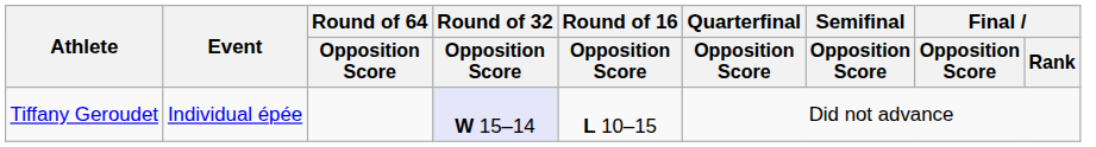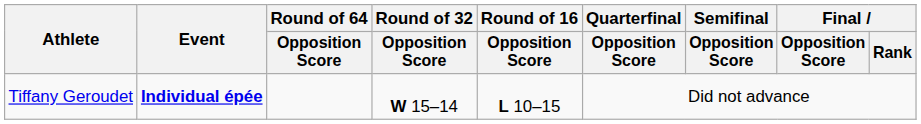 <table class="wikitable" style="font-size:90%">
 <tr>
 <th rowspan="2">Athlete</th>
 <th rowspan="2">Event</th>
 <th>Round of 64</th>
 <th>Round of 32</th>
 <th>Round of 16</th>
 <th>Quarterfinal</th>
 <th>Semifinal</th>
 <th colspan=2>Final / </th>
 </tr>
 <tr style="font-size:95%">
 <th>Opposition <br> Score</th>
 <th>Opposition <br> Score</th>
 <th>Opposition <br> Score</th>
 <th>Opposition <br> Score</th>
 <th>Opposition <br> Score</th>
 <th>Opposition <br> Score</th>
 <th>Rank</th>
 </tr>
 <tr align=center>
 <td align=left><a href='#'>Tiffany Geroudet</a></td>
-<td align=left><a href='#'>Individual épée</a></td>
+<td align=left><strong><a href='#'>Individual épée</a></strong></td>
 <td></td>
-<td style="background: lavender;"><br><strong>W</strong> 15–14</td>
+<td><br><strong>W</strong> 15–14</td>
 <td><br><strong>L</strong> 10–15</td>
 <td colspan=4>Did not advance</td>
 </tr>
 </table>
